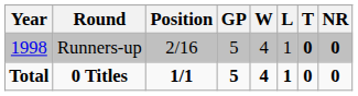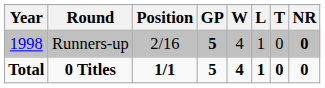 <table class="wikitable" style="text-align: center;">
 <tr>
 </tr>
 <tr>
 <th>Year</th>
 <th>Round</th>
 <th>Position</th>
 <th>GP</th>
 <th>W</th>
 <th>L</th>
 <th>T</th>
 <th>NR</th>
 </tr>
 <tr style="background:silver;">
 <td> <a href='#'>1998</a></td>
 <td>Runners-up</td>
 <td>2/16</td>
-<td>5</td>
+<td><strong>5</strong></td>
 <td>4</td>
 <td>1</td>
-<td><strong>0</strong></td>
+<td>0</td>
 <td><strong>0</strong></td>
 </tr>
 <tr>
 <td><strong>Total</strong></td>
 <td><strong>0 Titles</strong></td>
 <td><strong>1/1</strong></td>
 <td><strong>5</strong></td>
 <td><strong>4</strong></td>
 <td><strong>1</strong></td>
 <td><strong>0</strong></td>
 <td><strong>0</strong></td>
 </tr>
 </table>
